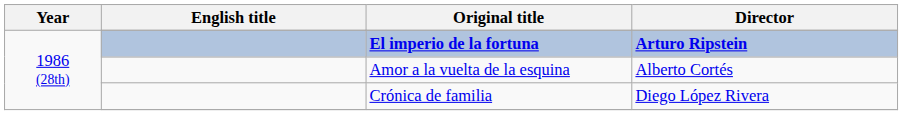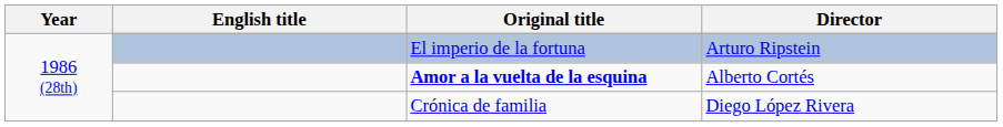 <table class="wikitable">
 <tr>
 <th width="100"><strong>Year</strong></th>
 <th width="300"><strong>English title</strong></th>
 <th width="300"><strong>Original title</strong></th>
 <th width="300"><strong>Director</strong></th>
 </tr>
 <tr>
 <td rowspan="6" style="text-align:center;"><a href='#'>1986</a><br><small><a href='#'>(28th)</a></small></td>
 </tr>
 <tr style="background:#B0C4DE;">
 <td></td>
-<td><strong><a href='#'>El imperio de la fortuna</a></strong></td>
-<td><strong><a href='#'>Arturo Ripstein</a></strong></td>
+<td><a href='#'>El imperio de la fortuna</a></td>
+<td><a href='#'>Arturo Ripstein</a></td>
 </tr>
 <tr>
 <td></td>
-<td><a href='#'>Amor a la vuelta de la esquina</a></td>
+<td><strong><a href='#'>Amor a la vuelta de la esquina</a></strong></td>
 <td><a href='#'>Alberto Cortés</a></td>
 </tr>
 <tr>
 <td></td>
 <td><a href='#'>Crónica de familia</a></td>
 <td><a href='#'>Diego López Rivera</a></td>
 </tr>
 <tr>
 </tr>
 </table>
